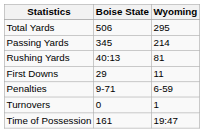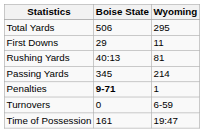 <table class="wikitable">
 <tr>
 <th>Statistics</th>
 <th>Boise State</th>
 <th>Wyoming</th>
 </tr>
 <tr>
 </tr>
 <tr>
 <td>Total Yards</td>
 <td>506</td>
 <td>295</td>
 </tr>
 <tr>
-<td>Passing Yards</td>
-<td>345</td>
-<td>214</td>
+<td>First Downs</td>
+<td>29</td>
+<td>11</td>
 </tr>
 <tr>
 <td>Rushing Yards</td>
 <td>40:13</td>
 <td>81</td>
 </tr>
 <tr>
-<td>First Downs</td>
-<td>29</td>
-<td>11</td>
+<td>Passing Yards</td>
+<td>345</td>
+<td>214</td>
 </tr>
 <tr>
 <td>Penalties</td>
-<td>9-71</td>
-<td>6-59</td>
+<td><strong>9-71</strong></td>
+<td>1</td>
 </tr>
 <tr>
 <td>Turnovers</td>
 <td>0</td>
-<td>1</td>
+<td>6-59</td>
 </tr>
 <tr>
 <td>Time of Possession</td>
 <td>161</td>
 <td>19:47</td>
 </tr>
 </table>
